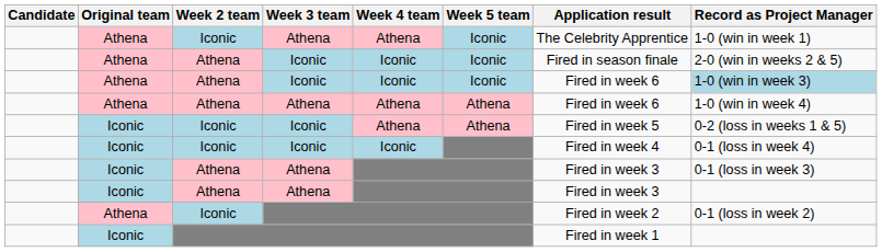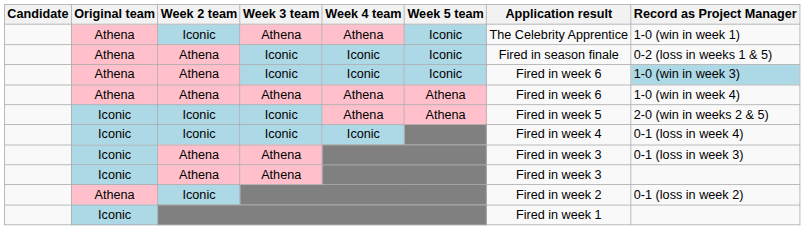 <table class="wikitable">
 <tr>
 <th>Candidate</th>
 <th>Original team</th>
 <th>Week 2 team</th>
 <th>Week 3 team</th>
 <th>Week 4 team</th>
 <th>Week 5 team</th>
 <th>Application result</th>
 <th>Record as Project Manager</th>
 </tr>
 <tr>
 <td></td>
 <td style="text-align:center; background:pink; color:inherit;">Athena</td>
 <td style="text-align:center; background:lightblue; color:inherit;">Iconic</td>
 <td style="text-align:center; background:pink; color:inherit;">Athena</td>
 <td style="text-align:center; background:pink; color:inherit;">Athena</td>
 <td style="text-align:center; background:lightblue; color:inherit(">Iconic</td>
 <td style="text-align:center;">The Celebrity Apprentice</td>
 <td>1-0 (win in week 1)</td>
 </tr>
 <tr>
 <td></td>
 <td style="text-align:center; background:pink; color:inherit;">Athena</td>
 <td style="text-align:center; background:pink; color:inherit;">Athena</td>
 <td style="text-align:center; background:lightblue; color:inherit;">Iconic</td>
 <td style="text-align:center; background:lightblue; color:inherit;">Iconic</td>
 <td style="text-align:center; background:lightblue; color:inherit;">Iconic</td>
 <td style="text-align:center;">Fired in season finale</td>
-<td>2-0 (win in weeks 2 & 5)</td>
+<td>0-2 (loss in weeks 1 & 5)</td>
 </tr>
 <tr>
 <td></td>
 <td style="text-align:center; background:pink; color:inherit;">Athena</td>
 <td style="text-align:center; background:pink; color:inherit;">Athena</td>
 <td style="text-align:center; background:lightblue; color:inherit;">Iconic</td>
 <td style="text-align:center; background:lightblue; color:inherit;">Iconic</td>
 <td style="text-align:center; background:lightblue; color:inherit;">Iconic</td>
 <td style="text-align:center;">Fired in week 6</td>
 <td style="background: lightblue;">1-0 (win in week 3)</td>
 </tr>
 <tr>
 <td></td>
 <td style="text-align:center; background:pink; color:inherit;">Athena</td>
 <td style="text-align:center; background:pink; color:inherit;">Athena</td>
 <td style="text-align:center; background:pink; color:inherit;">Athena</td>
 <td style="text-align:center; background:pink; color:inherit;">Athena</td>
 <td style="text-align:center; background:pink; color:inherit;">Athena</td>
 <td style="text-align:center;">Fired in week 6</td>
 <td>1-0 (win in week 4)</td>
 </tr>
 <tr>
 <td></td>
 <td style="text-align:center; background:lightblue; color:inherit;">Iconic</td>
 <td style="text-align:center; background:lightblue; color:inherit;">Iconic</td>
 <td style="text-align:center; background:lightblue; color:inherit;">Iconic</td>
 <td style="text-align:center; background:pink; color:inherit;">Athena</td>
 <td style="text-align:center; background:pink; color:inherit;">Athena</td>
 <td style="text-align:center;">Fired in week 5</td>
-<td>0-2 (loss in weeks 1 & 5)</td>
+<td>2-0 (win in weeks 2 & 5)</td>
 </tr>
 <tr>
 <td></td>
 <td style="text-align:center; background:lightblue;">Iconic</td>
 <td style="text-align:center; background:lightblue;">Iconic</td>
 <td style="text-align:center; background:lightblue;">Iconic</td>
 <td style="text-align:center; background:lightblue;">Iconic</td>
 <td colspan="1" style="background:gray;"></td>
 <td style="text-align:center;">Fired in week 4</td>
 <td>0-1 (loss in week 4)</td>
 </tr>
 <tr>
 <td></td>
 <td style="text-align:center; background:lightblue;">Iconic</td>
 <td style="text-align:center; background:pink;">Athena</td>
 <td style="text-align:center; background:pink;">Athena</td>
 <td colspan="2" style="background:gray;"></td>
 <td style="text-align:center;">Fired in week 3</td>
 <td>0-1 (loss in week 3)</td>
 </tr>
 <tr>
 <td></td>
 <td style="text-align:center; background:lightblue;">Iconic</td>
 <td style="text-align:center; background:pink;">Athena</td>
 <td style="text-align:center; background:pink;">Athena</td>
 <td colspan="2" style="background:gray;"></td>
 <td style="text-align:center;">Fired in week 3</td>
 <td></td>
 </tr>
 <tr>
 <td></td>
 <td style="text-align:center; background:pink;">Athena</td>
 <td style="text-align:center; background:lightblue;">Iconic</td>
 <td colspan="3" style="background:gray;"></td>
 <td style="text-align:center;">Fired in week 2</td>
 <td>0-1 (loss in week 2)</td>
 </tr>
 <tr>
 <td></td>
 <td style="text-align:center; background:lightblue;">Iconic</td>
 <td colspan="4" style="background:gray;"></td>
 <td style="text-align:center;">Fired in week 1</td>
 <td></td>
 </tr>
 </table>
